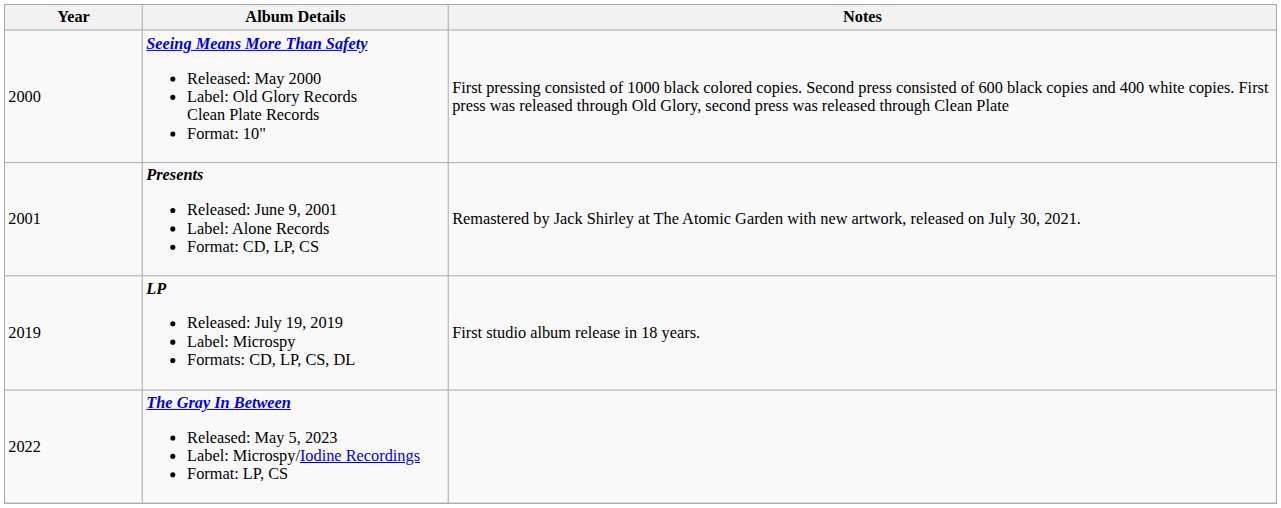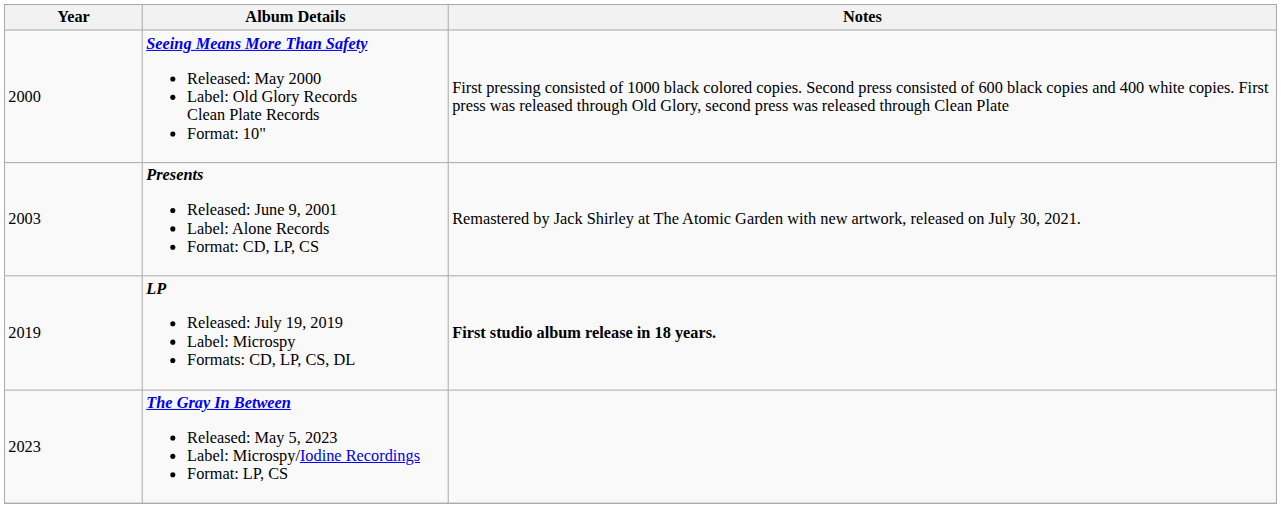 <table class ="wikitable">
 <tr>
 <th style="width: 5%">Year</th>
 <th style="width:10%">Album Details</th>
 <th style="width:30%">Notes</th>
 </tr>
 <tr>
 <td>2000</td>
 <td><strong><em><a href='#'>Seeing Means More Than Safety</a></em></strong><br><ul><li>Released: May 2000</li><li>Label: Old Glory Records<br>Clean Plate Records</li><li>Format: 10"</li></ul></td>
 <td>First pressing consisted of 1000 black colored copies. Second press consisted of 600 black copies and 400 white copies. First press was released through Old Glory, second press was released through Clean Plate</td>
 </tr>
 <tr>
-<td>2001</td>
+<td>2003</td>
 <td><strong><em>Presents</em></strong><br><ul><li>Released: June 9, 2001</li><li>Label: Alone Records</li><li>Format: CD, LP, CS</li></ul></td>
 <td>Remastered by Jack Shirley at The Atomic Garden with new artwork, released on July 30, 2021.</td>
 </tr>
 <tr>
 <td>2019</td>
 <td><strong><em>LP</em></strong><br><ul><li>Released: July 19, 2019</li><li>Label: Microspy</li><li>Formats: CD, LP, CS, DL</li></ul></td>
-<td>First studio album release in 18 years.</td>
+<td><strong>First studio album release in 18 years.</strong></td>
 </tr>
 <tr>
-<td>2022</td>
+<td>2023</td>
 <td><strong><em><a href='#'>The Gray In Between</a></em></strong><br><ul><li>Released: May 5, 2023</li><li>Label: Microspy/<a href='#'>Iodine Recordings</a></li><li>Format: LP, CS</li></ul></td>
 <td></td>
 </tr>
 <tr>
 </tr>
 </table>
